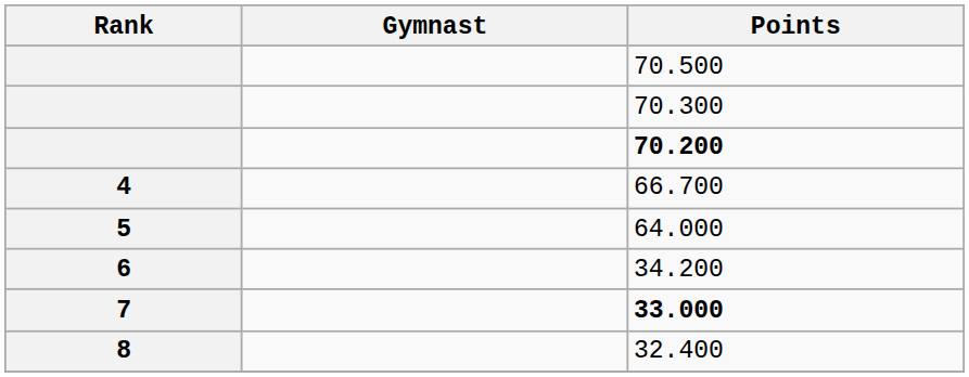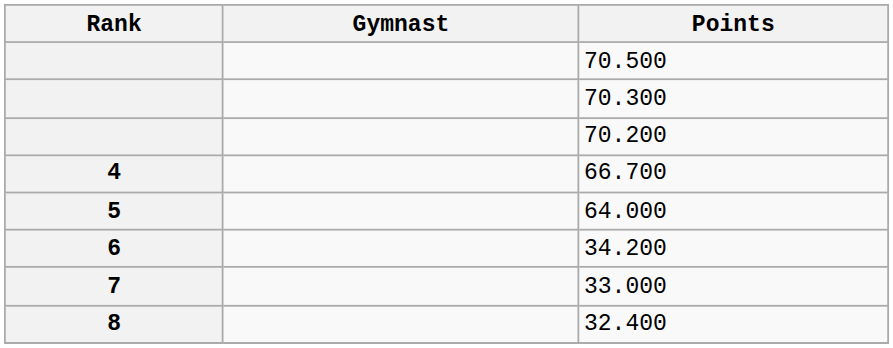 <table class="wikitable" width=500>
 <tr bgcolor="#efefef">
 <th>Rank</th>
 <th>Gymnast</th>
 <th>Points</th>
 </tr>
 <tr>
 <th></th>
 <td></td>
 <td>70.500</td>
 </tr>
 <tr>
 <th></th>
 <td></td>
 <td>70.300</td>
 </tr>
 <tr>
 <th></th>
 <td></td>
-<td><strong>70.200</strong></td>
+<td>70.200</td>
 </tr>
 <tr>
 <th>4</th>
 <td></td>
 <td>66.700</td>
 </tr>
 <tr>
 <th>5</th>
 <td></td>
 <td>64.000</td>
 </tr>
 <tr>
 <th>6</th>
 <td></td>
 <td>34.200</td>
 </tr>
 <tr>
 <th>7</th>
 <td></td>
-<td><strong>33.000</strong></td>
+<td>33.000</td>
 </tr>
 <tr>
 <th>8</th>
 <td></td>
 <td>32.400</td>
 </tr>
 <tr>
 </tr>
 </table>
